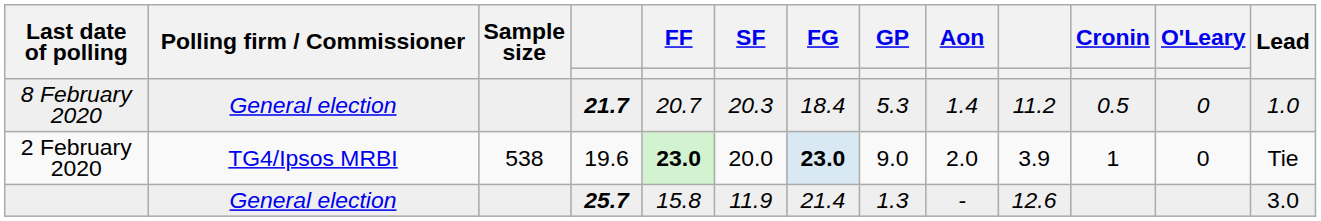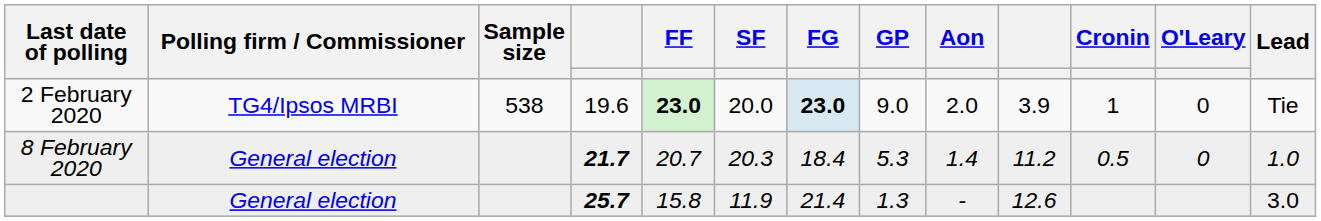 <table class="wikitable sortable collapsible" style="text-align:center;font-size:95%;line-height:14px;">
 <tr style="height:42px;">
 <th style="width:110px;" rowspan="2">Last date<br>of polling</th>
 <th style="width:300px;" rowspan="2">Polling firm / Commissioner</th>
 <th class="unsortable" style="width:50px;" rowspan="2">Sample<br>size</th>
 <th class="unsortable" style="width:50px;"></th>
 <th class="unsortable" style="width:50px;"><a href='#'>FF</a></th>
 <th class="unsortable" style="width:50px;"><a href='#'>SF</a></th>
 <th class="unsortable" style="width:50px;"><a href='#'>FG</a></th>
 <th class="unsortable" style="width:50px;"><a href='#'>GP</a></th>
 <th class="unsortable" style="width:50px;"><a href='#'>Aon</a></th>
 <th class="unsortable" style="width:50px;"></th>
 <th class="unsortable" style="width:50px;"><a href='#'>Cronin</a></th>
 <th class="unsortable" style="width:50px;"><a href='#'>O'Leary</a></th>
 <th class="unsortable" style="width:20px;" rowspan="2">Lead</th>
 </tr>
 <tr>
 <th style="color:inherit;background:"></th>
 <th style="color:inherit;background:"></th>
 <th style="color:inherit;background:"></th>
 <th style="color:inherit;background:"></th>
 <th style="color:inherit;background:"></th>
 <th style="color:inherit;background:"></th>
 <th style="color:inherit;background:"></th>
 <th style="color:inherit;background:"></th>
 <th style="color:inherit;background:"></th>
 </tr>
+<tr>
+<td>2 February 2020</td>
+<td><a href='#'>TG4/Ipsos MRBI</a></td>
+<td>538</td>
+<td>19.6</td>
+<td style="background:#D3F2D0"><strong>23.0</strong></td>
+<td>20.0</td>
+<td style="background:#D9E9F4"><strong>23.0</strong></td>
+<td>9.0</td>
+<td>2.0</td>
+<td>3.9</td>
+<td>1</td>
+<td>0</td>
+<td>Tie</td>
+</tr>
 <tr style="background:#EFEFEF;">
 <td><em>8 February 2020</em></td>
 <td><em><a href='#'>General election</a></em></td>
 <td></td>
 <td><strong><em>21.7</em></strong></td>
 <td><em>20.7</em></td>
 <td><em>20.3</em></td>
 <td><em>18.4</em></td>
 <td><em>5.3</em></td>
 <td><em>1.4</em></td>
 <td><em>11.2</em></td>
 <td><em>0.5</em></td>
 <td><em>0</em></td>
 <td style="background:"><em>1.0</em></td>
-</tr>
-<tr>
-<td>2 February 2020</td>
-<td><a href='#'>TG4/Ipsos MRBI</a></td>
-<td>538</td>
-<td>19.6</td>
-<td style="background:#D3F2D0"><strong>23.0</strong></td>
-<td>20.0</td>
-<td style="background:#D9E9F4"><strong>23.0</strong></td>
-<td>9.0</td>
-<td>2.0</td>
-<td>3.9</td>
-<td>1</td>
-<td>0</td>
-<td>Tie</td>
 </tr>
 <tr style="background:#EFEFEF;" class=sortbottom>
 <td><em></em></td>
 <td><em><a href='#'>General election</a></em></td>
 <td></td>
 <td><strong><em>25.7</em></strong></td>
 <td><em>15.8</em></td>
 <td><em>11.9</em></td>
 <td><em>21.4</em></td>
 <td><em>1.3</em></td>
 <td><em>-</em></td>
 <td><em>12.6</em></td>
 <td></td>
 <td></td>
 <td style="background:">3.0</td>
 </tr>
 </table>
